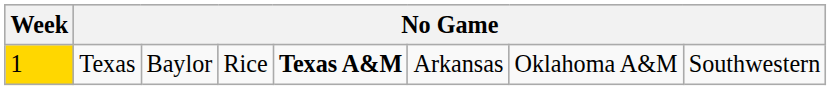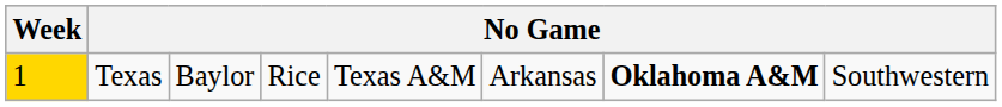 <table class="wikitable" style="font-size:95%">
 <tr>
 <th>Week</th>
 <th colspan="10">No Game</th>
 </tr>
 <tr>
 <td style="background: gold;">1</td>
 <td>Texas</td>
 <td>Baylor</td>
 <td>Rice</td>
-<td><strong>Texas A&M</strong></td>
+<td>Texas A&M</td>
 <td>Arkansas</td>
-<td>Oklahoma A&M</td>
+<td><strong>Oklahoma A&M</strong></td>
 <td>Southwestern</td>
 </tr>
 </table>
